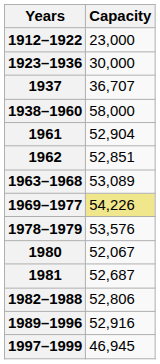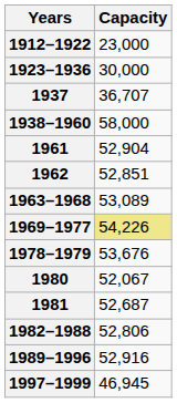 <table class="wikitable">
 <tr>
 <th scope="col">Years</th>
 <th scope="col">Capacity</th>
 </tr>
 <tr>
 <th scope="row">1912–1922</th>
 <td>23,000</td>
 </tr>
 <tr>
 <th scope="row">1923–1936</th>
 <td>30,000</td>
 </tr>
 <tr>
 <th scope="row">1937</th>
 <td>36,707</td>
 </tr>
 <tr>
 <th scope="row">1938–1960</th>
 <td>58,000</td>
 </tr>
 <tr>
 <th scope="row">1961</th>
 <td>52,904</td>
 </tr>
 <tr>
 <th scope="row">1962</th>
 <td>52,851</td>
 </tr>
 <tr>
 <th scope="row">1963–1968</th>
 <td>53,089</td>
 </tr>
 <tr>
 <th scope="row">1969–1977</th>
 <td style="background: khaki;">54,226</td>
 </tr>
 <tr>
 <th scope="row">1978–1979</th>
-<td>53,576</td>
+<td>53,676</td>
 </tr>
 <tr>
 <th scope="row">1980</th>
 <td>52,067</td>
 </tr>
 <tr>
 <th scope="row">1981</th>
 <td>52,687</td>
 </tr>
 <tr>
 <th scope="row">1982–1988</th>
 <td>52,806</td>
 </tr>
 <tr>
 <th scope="row">1989–1996</th>
 <td>52,916</td>
 </tr>
 <tr>
 <th scope="row">1997–1999</th>
 <td>46,945</td>
 </tr>
 </table>
